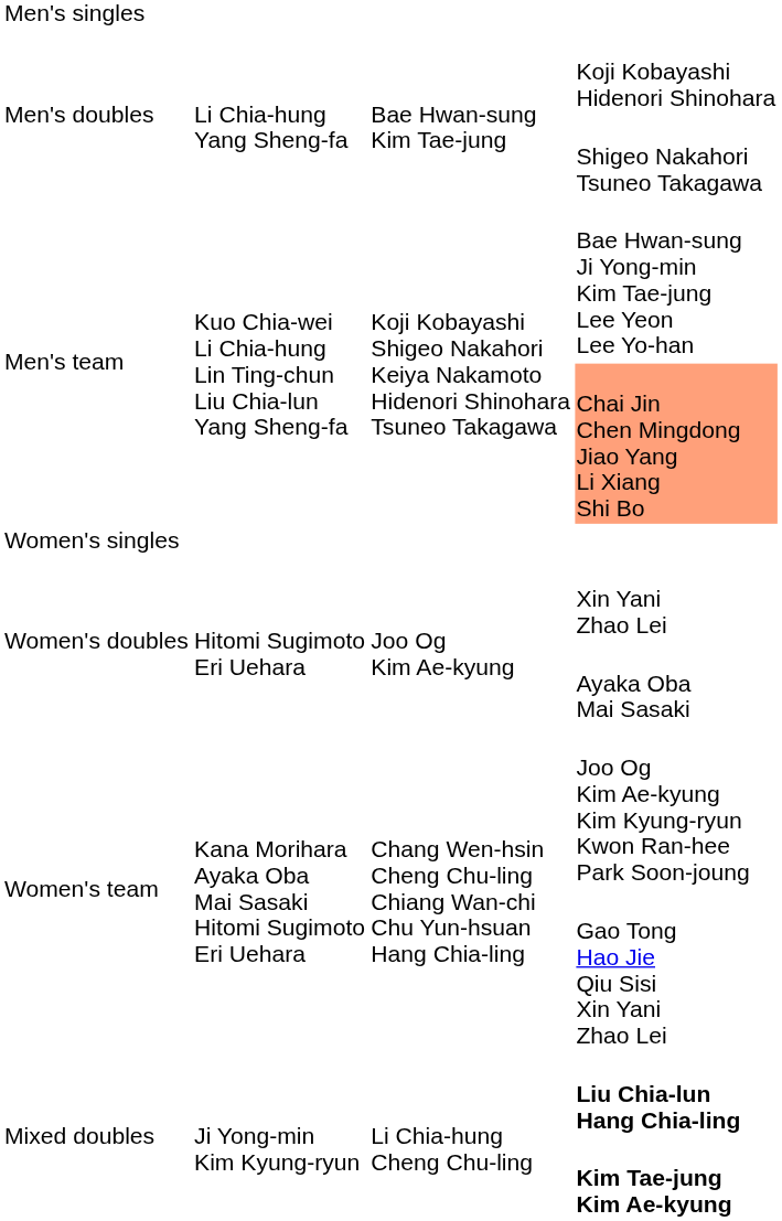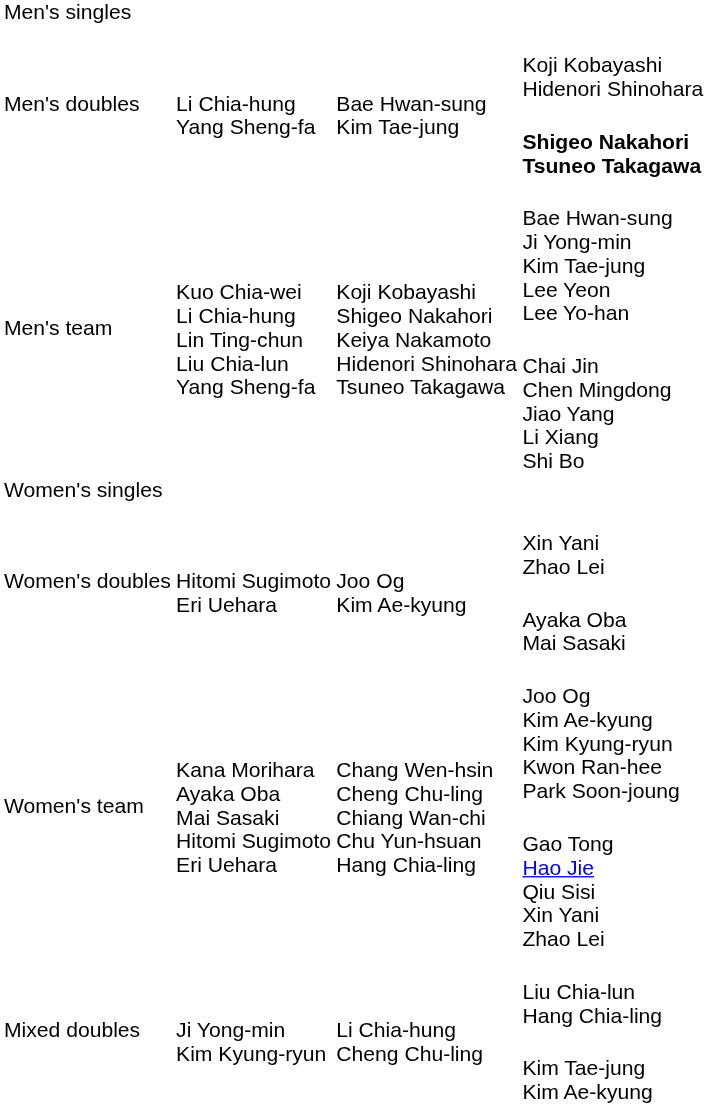 <table>
 <tr>
 <td rowspan=2>Men's singles<br></td>
 <td rowspan=2></td>
 <td rowspan=2></td>
 <td></td>
 </tr>
 <tr>
 <td></td>
 </tr>
 <tr>
 <td rowspan=2>Men's doubles<br></td>
 <td rowspan=2><br>Li Chia-hung<br>Yang Sheng-fa</td>
 <td rowspan=2><br>Bae Hwan-sung<br>Kim Tae-jung</td>
 <td><br>Koji Kobayashi<br>Hidenori Shinohara</td>
 </tr>
 <tr>
-<td><br>Shigeo Nakahori<br>Tsuneo Takagawa</td>
+<td><strong><br>Shigeo Nakahori<br>Tsuneo Takagawa</strong></td>
 </tr>
 <tr>
 <td rowspan=2>Men's team<br></td>
 <td rowspan=2><br>Kuo Chia-wei<br>Li Chia-hung<br>Lin Ting-chun<br>Liu Chia-lun<br>Yang Sheng-fa</td>
 <td rowspan=2><br>Koji Kobayashi<br>Shigeo Nakahori<br>Keiya Nakamoto<br>Hidenori Shinohara<br>Tsuneo Takagawa</td>
 <td><br>Bae Hwan-sung<br>Ji Yong-min<br>Kim Tae-jung<br>Lee Yeon<br>Lee Yo-han</td>
 </tr>
 <tr>
-<td style="background: lightsalmon;"><br>Chai Jin<br>Chen Mingdong<br>Jiao Yang<br>Li Xiang<br>Shi Bo</td>
+<td><br>Chai Jin<br>Chen Mingdong<br>Jiao Yang<br>Li Xiang<br>Shi Bo</td>
 </tr>
 <tr>
 <td rowspan=2>Women's singles<br></td>
 <td rowspan=2></td>
 <td rowspan=2></td>
 <td></td>
 </tr>
 <tr>
 <td></td>
 </tr>
 <tr>
 <td rowspan=2>Women's doubles<br></td>
 <td rowspan=2><br>Hitomi Sugimoto<br>Eri Uehara</td>
 <td rowspan=2><br>Joo Og<br>Kim Ae-kyung</td>
 <td><br>Xin Yani<br>Zhao Lei</td>
 </tr>
 <tr>
 <td><br>Ayaka Oba<br>Mai Sasaki</td>
 </tr>
 <tr>
 <td rowspan=2>Women's team<br></td>
 <td rowspan=2><br>Kana Morihara<br>Ayaka Oba<br>Mai Sasaki<br>Hitomi Sugimoto<br>Eri Uehara</td>
 <td rowspan=2><br>Chang Wen-hsin<br>Cheng Chu-ling<br>Chiang Wan-chi<br>Chu Yun-hsuan<br>Hang Chia-ling</td>
 <td><br>Joo Og<br>Kim Ae-kyung<br>Kim Kyung-ryun<br>Kwon Ran-hee<br>Park Soon-joung</td>
 </tr>
 <tr>
 <td><br>Gao Tong<br><a href='#'>Hao Jie</a><br>Qiu Sisi<br>Xin Yani<br>Zhao Lei</td>
 </tr>
 <tr>
 <td rowspan=2>Mixed doubles<br></td>
 <td rowspan=2><br>Ji Yong-min<br>Kim Kyung-ryun</td>
 <td rowspan=2><br>Li Chia-hung<br>Cheng Chu-ling</td>
-<td><strong><br>Liu Chia-lun<br>Hang Chia-ling</strong></td>
+<td><br>Liu Chia-lun<br>Hang Chia-ling</td>
 </tr>
 <tr>
-<td><strong><br>Kim Tae-jung<br>Kim Ae-kyung</strong></td>
+<td><br>Kim Tae-jung<br>Kim Ae-kyung</td>
 </tr>
 </table>
